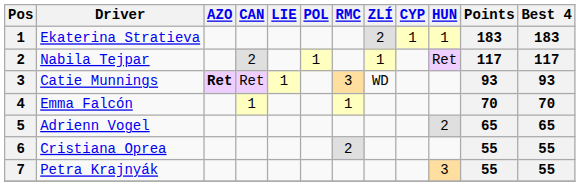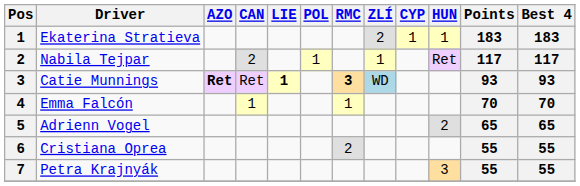 <table class="wikitable" style="font-size: 85%; text-align: center;">
 <tr valign="top">
 <th valign="middle">Pos</th>
 <th valign="middle">Driver</th>
 <th><a href='#'>AZO</a><br></th>
 <th><a href='#'>CAN</a><br></th>
 <th><a href='#'>LIE</a><br></th>
 <th><a href='#'>POL</a><br></th>
 <th><a href='#'>RMC</a><br></th>
 <th><a href='#'>ZLÍ</a><br></th>
 <th><a href='#'>CYP</a><br></th>
 <th><a href='#'>HUN</a><br></th>
 <th valign="middle">Points</th>
 <th valign="middle">Best 4</th>
 </tr>
 <tr>
 <th>1</th>
 <td align=left> <a href='#'>Ekaterina Stratieva</a></td>
 <td></td>
 <td></td>
 <td></td>
 <td></td>
 <td></td>
 <td style="background:#dfdfdf;">2</td>
 <td style="background:#ffffbf;">1</td>
 <td style="background:#ffffbf;">1</td>
 <th>183</th>
 <th>183</th>
 </tr>
 <tr>
 <th>2</th>
 <td align=left> <a href='#'>Nabila Tejpar</a></td>
 <td></td>
 <td style="background:#dfdfdf;">2</td>
 <td></td>
 <td style="background:#ffffbf;">1</td>
 <td></td>
 <td style="background:#ffffbf;">1</td>
 <td></td>
 <td style="background:#efcfff;">Ret</td>
 <th>117</th>
 <th>117</th>
 </tr>
 <tr>
 <th>3</th>
 <td align=left> <a href='#'>Catie Munnings</a></td>
 <td style="background:#efcfff;"><strong>Ret</strong></td>
 <td style="background:#efcfff;">Ret</td>
-<td style="background:#ffffbf;">1</td>
+<td style="background:#ffffbf;"><strong>1</strong></td>
 <td></td>
-<td style="background:#ffdf9f;">3</td>
-<td>WD</td>
+<td style="background:#ffdf9f;"><strong>3</strong></td>
+<td style="background: lightblue;">WD</td>
 <td></td>
 <td></td>
 <th>93</th>
 <th>93</th>
 </tr>
 <tr>
 <th>4</th>
 <td align=left> <a href='#'>Emma Falcón</a></td>
 <td></td>
 <td style="background:#ffffbf;">1</td>
 <td></td>
 <td></td>
 <td style="background:#ffffbf;">1</td>
 <td></td>
 <td></td>
 <td></td>
 <th>70</th>
 <th>70</th>
 </tr>
 <tr>
 <th>5</th>
 <td align=left> <a href='#'>Adrienn Vogel</a></td>
 <td></td>
 <td></td>
 <td></td>
 <td></td>
 <td></td>
 <td></td>
 <td></td>
 <td style="background:#dfdfdf;">2</td>
 <th>65</th>
 <th>65</th>
 </tr>
 <tr>
 <th>6</th>
 <td align=left> <a href='#'>Cristiana Oprea</a></td>
 <td></td>
 <td></td>
 <td></td>
 <td></td>
 <td style="background:#dfdfdf;">2</td>
 <td></td>
 <td></td>
 <td></td>
 <th>55</th>
 <th>55</th>
 </tr>
 <tr>
 <th>7</th>
 <td align=left> <a href='#'>Petra Krajnyák</a></td>
 <td></td>
 <td></td>
 <td></td>
 <td></td>
 <td></td>
 <td></td>
 <td></td>
 <td style="background:#ffdf9f;">3</td>
 <th>55</th>
 <th>55</th>
 </tr>
 <tr>
 </tr>
 </table>
